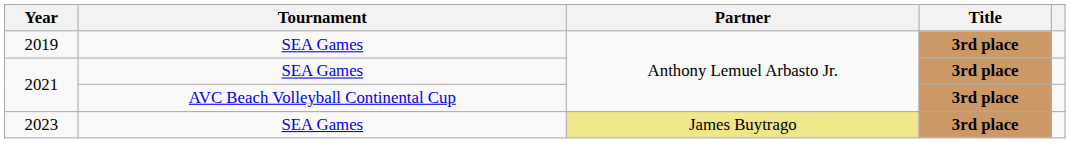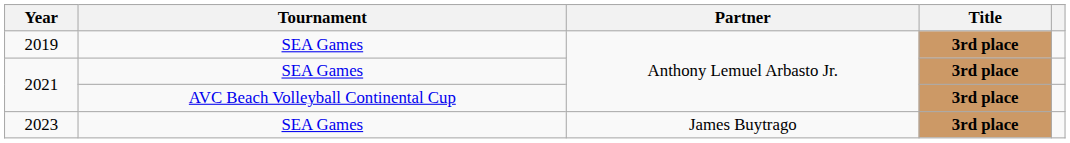 <table class="wikitable sortable" style="text-align:center" width="80%">
 <tr>
 <th>Year</th>
 <th>Tournament</th>
 <th>Partner</th>
 <th>Title</th>
 <th></th>
 </tr>
 <tr>
 <td>2019</td>
 <td><a href='#'>SEA Games</a></td>
 <td rowspan=3>Anthony Lemuel Arbasto Jr.</td>
 <td style="background:#cc9966;"><strong>3rd place</strong></td>
 <td></td>
 </tr>
 <tr>
 <td rowspan=2>2021</td>
 <td><a href='#'>SEA Games</a></td>
 <td style="background:#cc9966;"><strong>3rd place</strong></td>
 <td></td>
 </tr>
 <tr>
 <td><a href='#'>AVC Beach Volleyball Continental Cup</a></td>
 <td style="background:#cc9966;"><strong>3rd place</strong></td>
 <td></td>
 </tr>
 <tr>
 <td>2023</td>
 <td><a href='#'>SEA Games</a></td>
-<td rowspan=1 style="background: khaki;">James Buytrago</td>
+<td rowspan=1>James Buytrago</td>
 <td style="background:#cc9966;"><strong>3rd place</strong></td>
 <td></td>
 </tr>
 </table>
